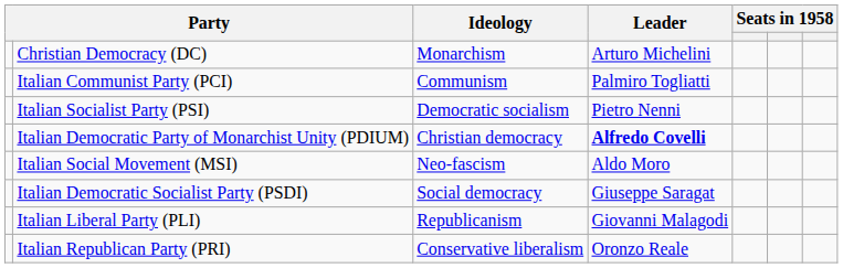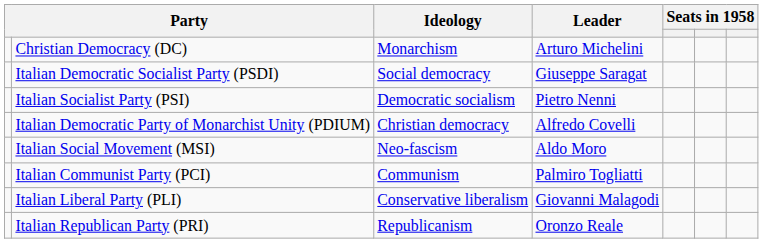 <table class=wikitable style="text-align:left">
 <tr>
 <th colspan=2  rowspan="2">Party</th>
 <th rowspan="2">Ideology</th>
 <th rowspan="2">Leader</th>
 <th colspan="3">Seats in 1958</th>
 </tr>
 <tr>
 <th></th>
 <th></th>
 <th></th>
 </tr>
 <tr>
 <td></td>
 <td><a href='#'>Christian Democracy</a> (DC)</td>
 <td><a href='#'>Monarchism</a></td>
 <td><a href='#'>Arturo Michelini</a></td>
 <td></td>
 <td></td>
 <td></td>
 </tr>
 <tr>
 <td></td>
-<td><a href='#'>Italian Communist Party</a> (PCI)</td>
-<td><a href='#'>Communism</a></td>
-<td><a href='#'>Palmiro Togliatti</a></td>
+<td><a href='#'>Italian Democratic Socialist Party</a> (PSDI)</td>
+<td><a href='#'>Social democracy</a></td>
+<td><a href='#'>Giuseppe Saragat</a></td>
 <td></td>
 <td></td>
 <td></td>
 </tr>
 <tr>
 <td></td>
 <td><a href='#'>Italian Socialist Party</a> (PSI)</td>
 <td><a href='#'>Democratic socialism</a></td>
 <td><a href='#'>Pietro Nenni</a></td>
 <td></td>
 <td></td>
 <td></td>
 </tr>
 <tr>
 <td></td>
 <td><a href='#'>Italian Democratic Party of Monarchist Unity</a> (PDIUM)</td>
 <td><a href='#'>Christian democracy</a></td>
-<td><strong><a href='#'>Alfredo Covelli</a></strong></td>
+<td><a href='#'>Alfredo Covelli</a></td>
 <td></td>
 <td></td>
 <td></td>
 </tr>
 <tr>
 <td></td>
 <td><a href='#'>Italian Social Movement</a> (MSI)</td>
 <td><a href='#'>Neo-fascism</a></td>
 <td><a href='#'>Aldo Moro</a></td>
 <td></td>
 <td></td>
 <td></td>
 </tr>
 <tr>
 <td></td>
-<td><a href='#'>Italian Democratic Socialist Party</a> (PSDI)</td>
-<td><a href='#'>Social democracy</a></td>
-<td><a href='#'>Giuseppe Saragat</a></td>
+<td><a href='#'>Italian Communist Party</a> (PCI)</td>
+<td><a href='#'>Communism</a></td>
+<td><a href='#'>Palmiro Togliatti</a></td>
 <td></td>
 <td></td>
 <td></td>
 </tr>
 <tr>
 <td></td>
 <td><a href='#'>Italian Liberal Party</a> (PLI)</td>
-<td><a href='#'>Republicanism</a></td>
+<td><a href='#'>Conservative liberalism</a></td>
 <td><a href='#'>Giovanni Malagodi</a></td>
 <td></td>
 <td></td>
 <td></td>
 </tr>
 <tr>
 <td></td>
 <td><a href='#'>Italian Republican Party</a> (PRI)</td>
-<td><a href='#'>Conservative liberalism</a></td>
+<td><a href='#'>Republicanism</a></td>
 <td><a href='#'>Oronzo Reale</a></td>
 <td></td>
 <td></td>
 <td></td>
 </tr>
 </table>
